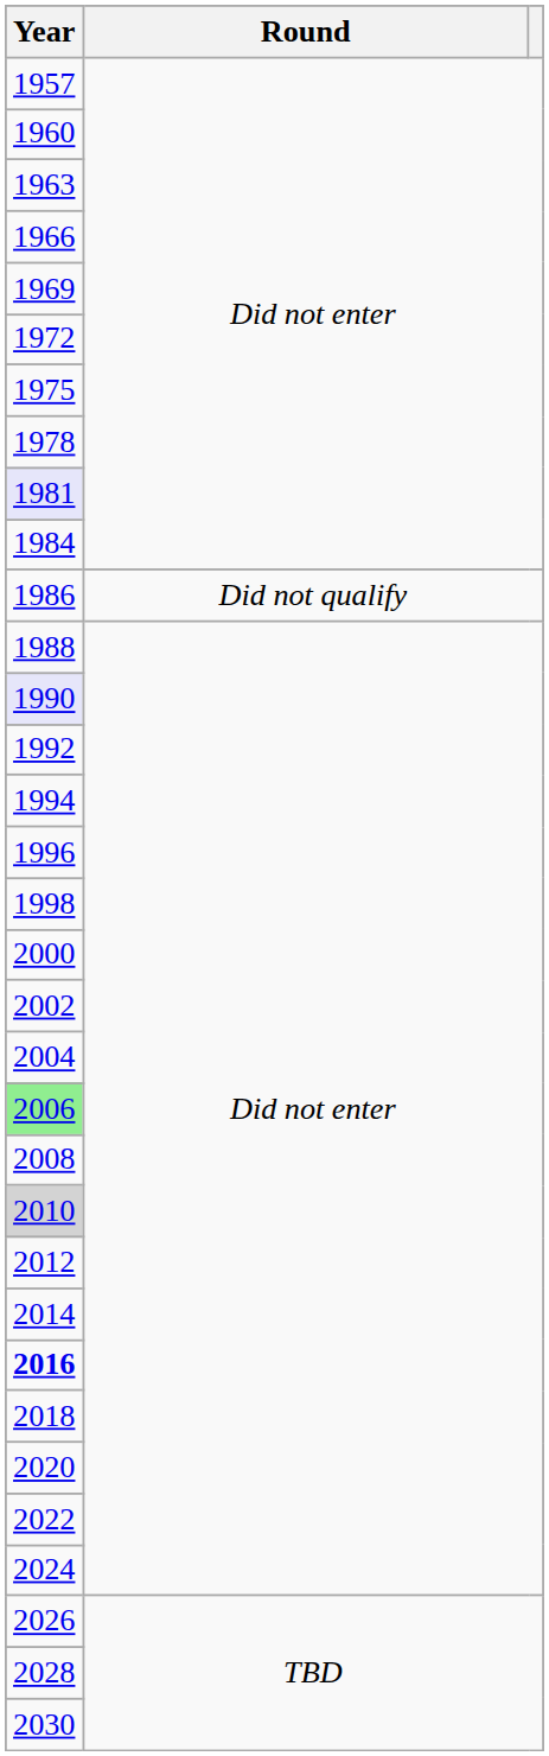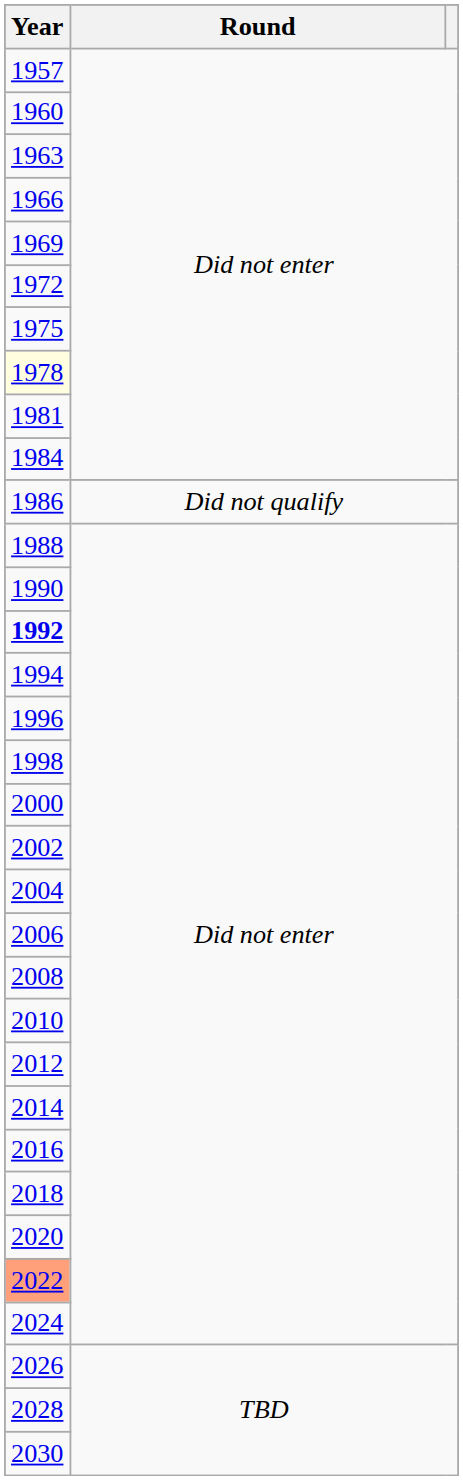 <table class="wikitable" style="text-align: center; font-size:90%">
 <tr>
 <th>Year</th>
 <th style="width:200px">Round</th>
 <th></th>
 </tr>
 <tr>
 <td><a href='#'>1957</a></td>
 <td colspan="2" rowspan="10"><em>Did not enter</em></td>
 </tr>
 <tr>
 <td><a href='#'>1960</a></td>
 </tr>
 <tr>
 <td><a href='#'>1963</a></td>
 </tr>
 <tr>
 <td><a href='#'>1966</a></td>
 </tr>
 <tr>
 <td><a href='#'>1969</a></td>
 </tr>
 <tr>
 <td><a href='#'>1972</a></td>
 </tr>
 <tr>
 <td><a href='#'>1975</a></td>
 </tr>
 <tr>
-<td><a href='#'>1978</a></td>
+<td style="background: lightyellow;"><a href='#'>1978</a></td>
 </tr>
 <tr>
-<td style="background: lavender;"><a href='#'>1981</a></td>
+<td><a href='#'>1981</a></td>
 </tr>
 <tr>
 <td><a href='#'>1984</a></td>
 </tr>
 <tr>
 <td><a href='#'>1986</a></td>
 <td colspan="2"><em>Did not qualify</em></td>
 </tr>
 <tr>
 <td><a href='#'>1988</a></td>
 <td colspan="2" rowspan="19"><em>Did not enter</em></td>
 </tr>
 <tr>
-<td style="background: lavender;"><a href='#'>1990</a></td>
+<td><a href='#'>1990</a></td>
 </tr>
 <tr>
-<td><a href='#'>1992</a></td>
+<td><strong><a href='#'>1992</a></strong></td>
 </tr>
 <tr>
 <td><a href='#'>1994</a></td>
 </tr>
 <tr>
 <td><a href='#'>1996</a></td>
 </tr>
 <tr>
 <td><a href='#'>1998</a></td>
 </tr>
 <tr>
 <td><a href='#'>2000</a></td>
 </tr>
 <tr>
 <td><a href='#'>2002</a></td>
 </tr>
 <tr>
 <td><a href='#'>2004</a></td>
 </tr>
 <tr>
-<td style="background: lightgreen;"><a href='#'>2006</a></td>
+<td><a href='#'>2006</a></td>
 </tr>
 <tr>
 <td><a href='#'>2008</a></td>
 </tr>
 <tr>
-<td style="background: lightgrey;"><a href='#'>2010</a></td>
+<td><a href='#'>2010</a></td>
 </tr>
 <tr>
 <td><a href='#'>2012</a></td>
 </tr>
 <tr>
 <td><a href='#'>2014</a></td>
 </tr>
 <tr>
-<td><strong><a href='#'>2016</a></strong></td>
+<td><a href='#'>2016</a></td>
 </tr>
 <tr>
 <td><a href='#'>2018</a></td>
 </tr>
 <tr>
 <td><a href='#'>2020</a></td>
 </tr>
 <tr>
-<td><a href='#'>2022</a></td>
+<td style="background: lightsalmon;"><a href='#'>2022</a></td>
 </tr>
 <tr>
 <td><a href='#'>2024</a></td>
 </tr>
 <tr>
 <td><a href='#'>2026</a></td>
 <td colspan="2" rowspan="3"><em>TBD</em></td>
 </tr>
 <tr>
 <td><a href='#'>2028</a></td>
 </tr>
 <tr>
 <td><a href='#'>2030</a></td>
 </tr>
 </table>
